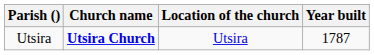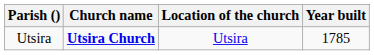 <table class="wikitable" style="text-align:center">
 <tr>
 <th>Parish ()</th>
 <th>Church name</th>
 <th>Location of the church</th>
 <th>Year built</th>
 </tr>
 <tr>
 <td rowspan="1">Utsira</td>
 <td><strong><a href='#'>Utsira Church</a></strong></td>
 <td><a href='#'>Utsira</a></td>
-<td>1787</td>
+<td>1785</td>
 </tr>
 </table>
